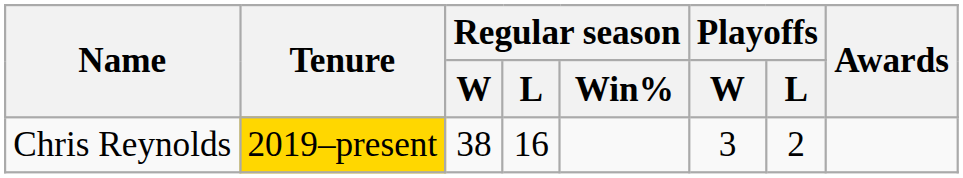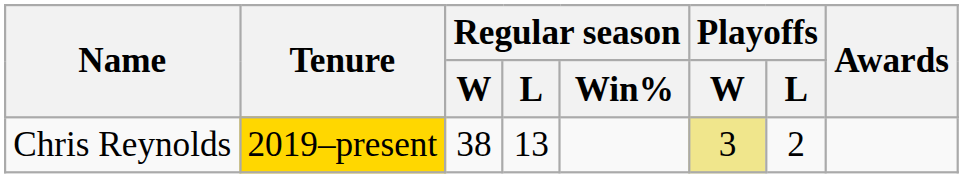 <table class="wikitable">
 <tr>
 <th rowspan="2">Name</th>
 <th rowspan="2">Tenure</th>
 <th colspan="3">Regular season</th>
 <th colspan="2">Playoffs</th>
 <th rowspan="2">Awards</th>
 </tr>
 <tr>
 <th rowspan="1">W</th>
 <th rowspan="1">L</th>
 <th rowspan="1">Win%</th>
 <th rowspan="1">W</th>
 <th rowspan="1">L</th>
 </tr>
 <tr>
 <td>Chris Reynolds</td>
 <td style="background: gold; text-align:center;">2019–present</td>
 <td style="text-align:center;">38</td>
-<td style="text-align:center;">16</td>
+<td style="text-align:center;">13</td>
 <td style="text-align:center;"></td>
-<td style="text-align:center;">3</td>
+<td style="background: khaki; text-align:center;">3</td>
 <td style="text-align:center;">2</td>
 <td></td>
 </tr>
 </table>
